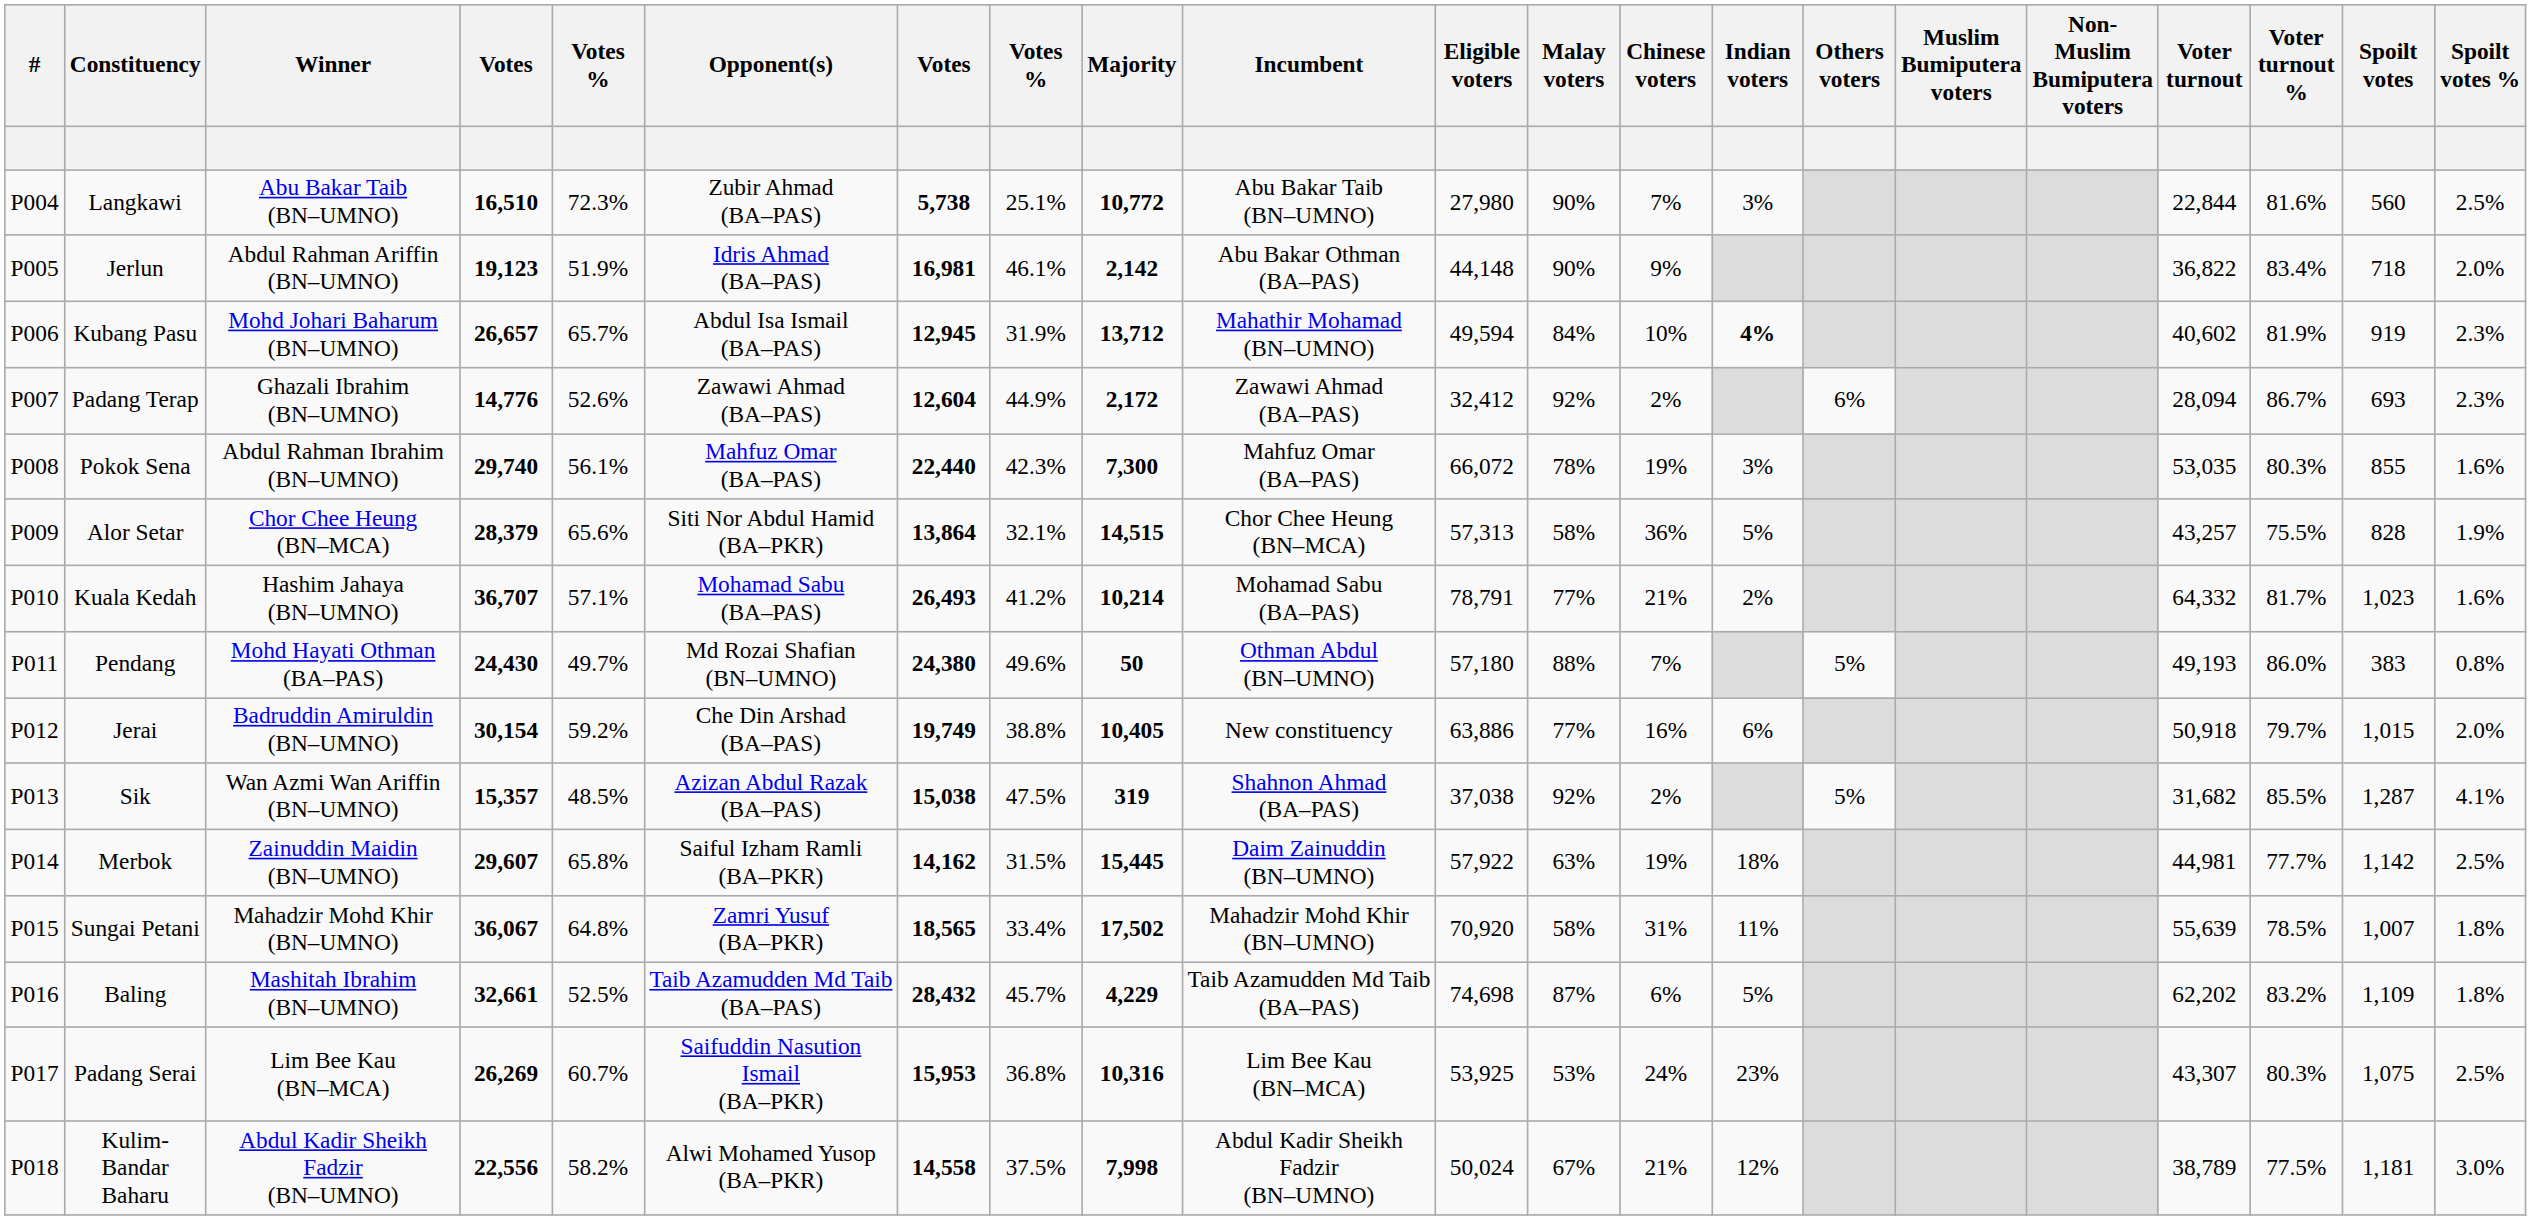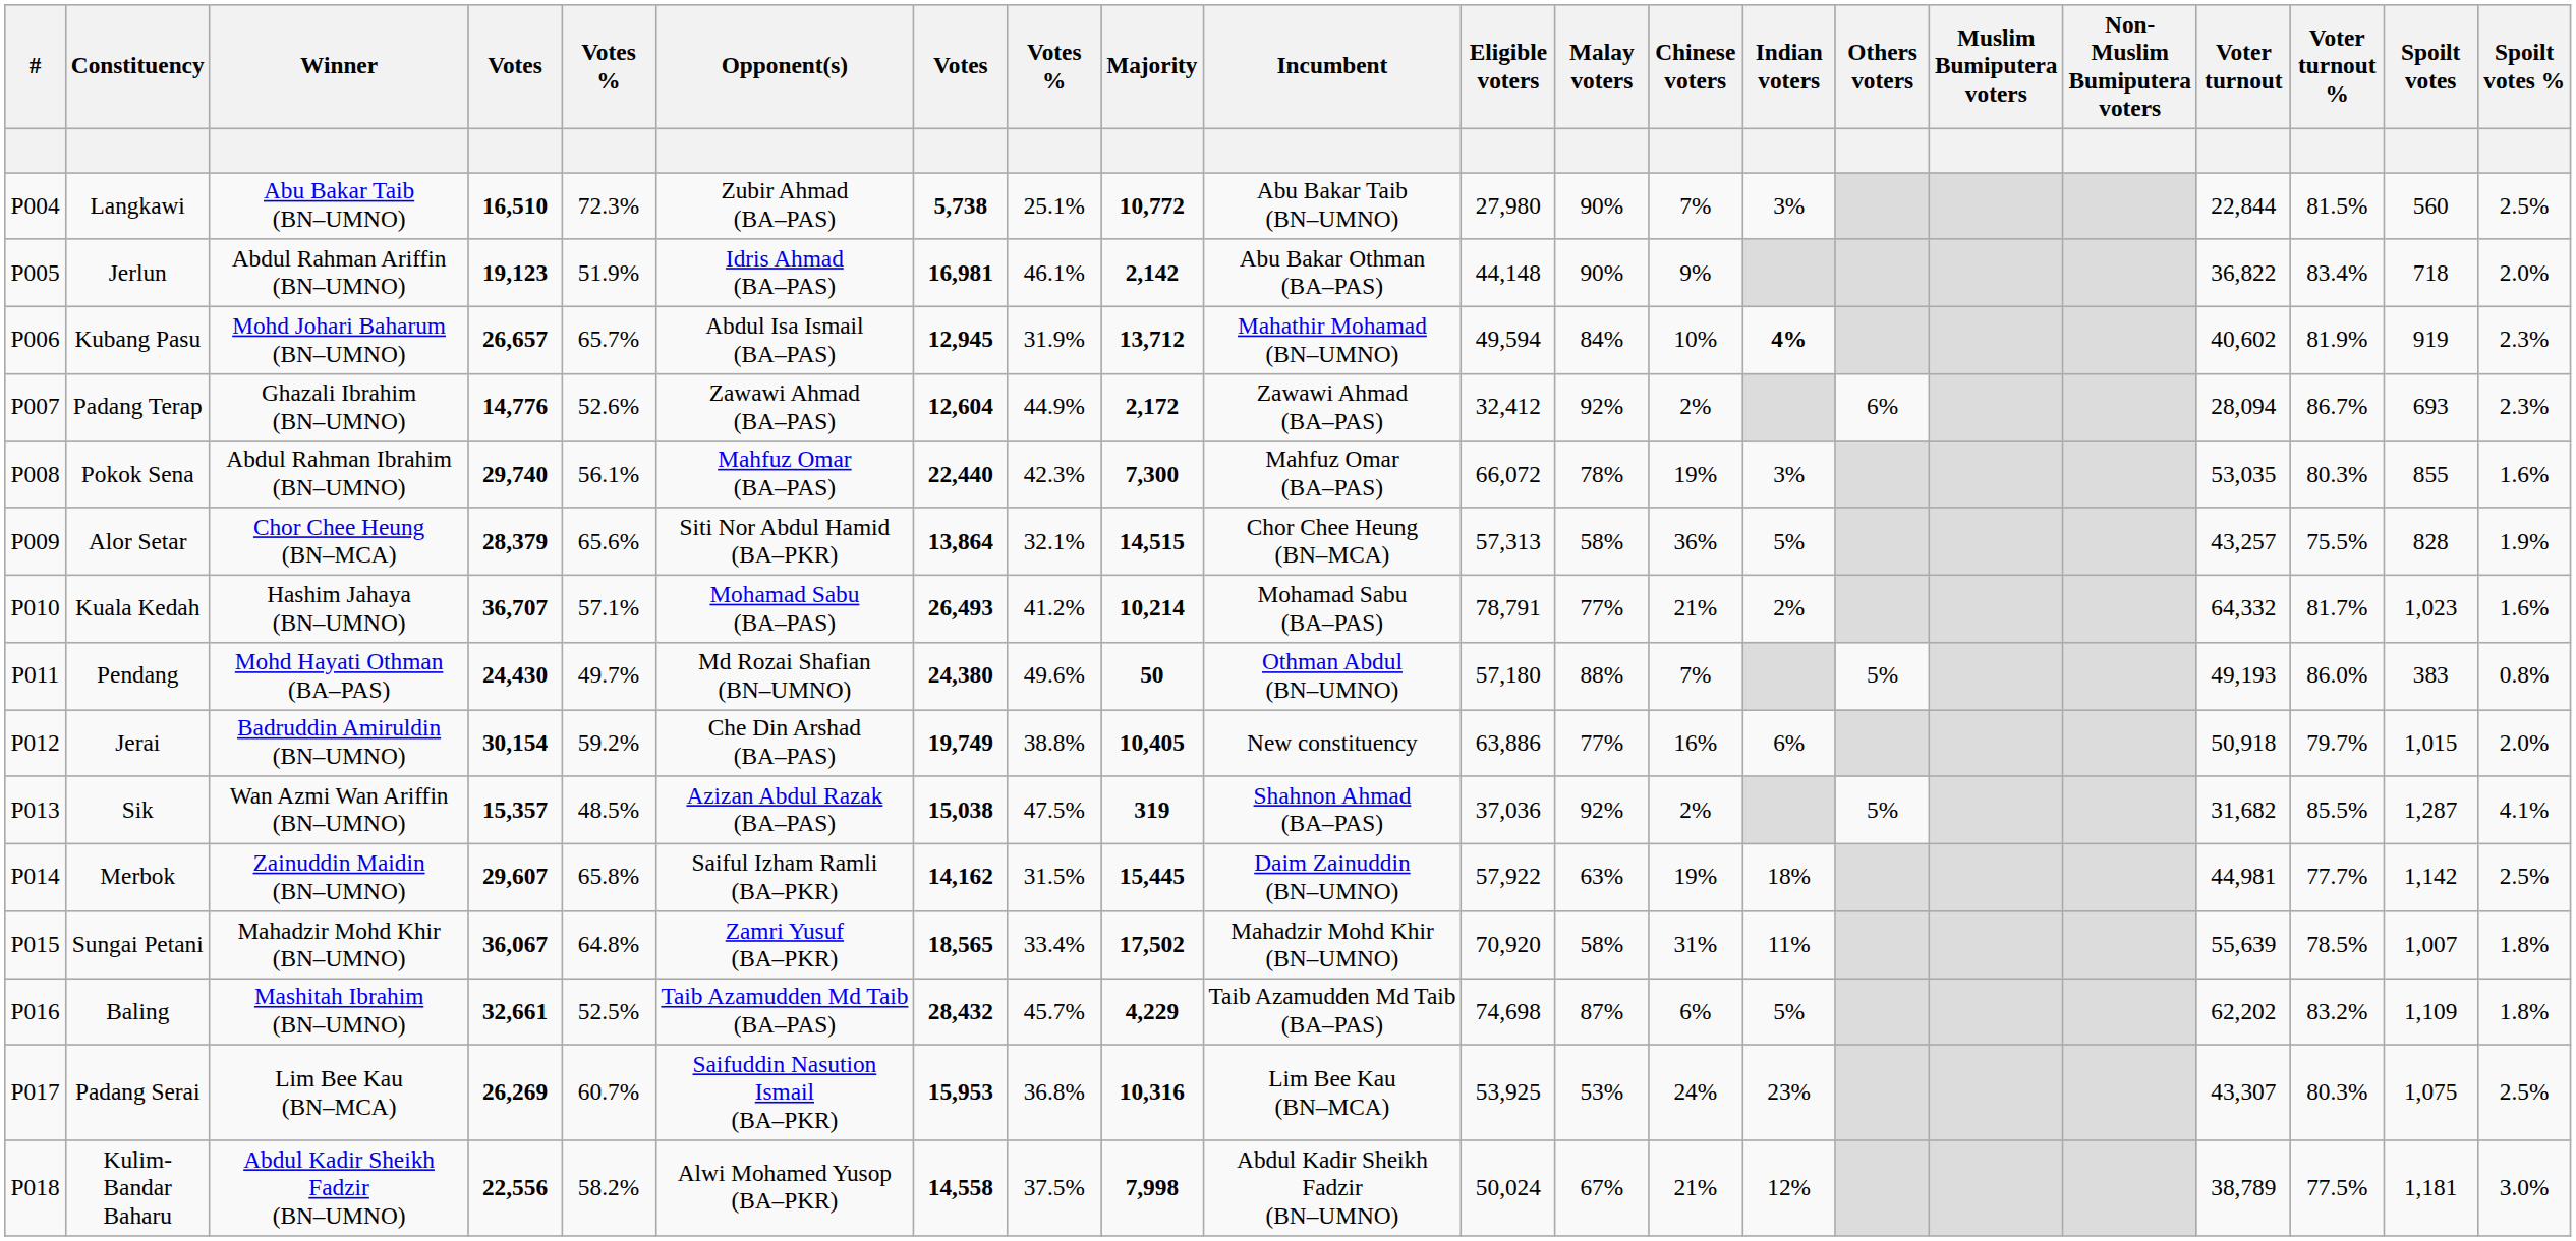 <table class="wikitable sortable" style="text-align:center; font-size:90%">
 <tr>
 <th width="30">#</th>
 <th width="60">Constituency</th>
 <th width="150">Winner</th>
 <th width="50">Votes</th>
 <th width="50">Votes %</th>
 <th width="150">Opponent(s)</th>
 <th width="50">Votes</th>
 <th width="50">Votes %</th>
 <th width="50">Majority</th>
 <th width="150">Incumbent</th>
 <th width="50">Eligible voters</th>
 <th width="50">Malay voters</th>
 <th width="50">Chinese voters</th>
 <th width="50">Indian voters</th>
 <th width="50">Others voters</th>
 <th width="50">Muslim Bumiputera voters</th>
 <th width="50">Non-Muslim Bumiputera voters</th>
 <th width="50">Voter turnout</th>
 <th width="50">Voter turnout %</th>
 <th width="50">Spoilt votes</th>
 <th width="50">Spoilt votes %</th>
 </tr>
 <tr>
 <th height="20"></th>
 <th></th>
 <th></th>
 <th></th>
 <th></th>
 <th></th>
 <th></th>
 <th></th>
 <th></th>
 <th></th>
 <th></th>
 <th></th>
 <th></th>
 <th></th>
 <th></th>
 <th></th>
 <th></th>
 <th></th>
 <th></th>
 <th></th>
 <th></th>
 </tr>
 <tr>
 <td>P004</td>
 <td>Langkawi</td>
 <td><a href='#'>Abu Bakar Taib</a><br>(BN–UMNO)</td>
 <td><strong>16,510</strong></td>
 <td>72.3%</td>
 <td>Zubir Ahmad<br>(BA–PAS)</td>
 <td><strong>5,738</strong></td>
 <td>25.1%</td>
 <td><strong>10,772</strong></td>
 <td>Abu Bakar Taib<br>(BN–UMNO)</td>
 <td>27,980</td>
 <td>90%</td>
 <td>7%</td>
 <td>3%</td>
 <td bgcolor="dcdcdc"></td>
 <td bgcolor="dcdcdc"></td>
 <td bgcolor="dcdcdc"></td>
 <td>22,844</td>
-<td>81.6%</td>
+<td>81.5%</td>
 <td>560</td>
 <td>2.5%</td>
 </tr>
 <tr>
 <td>P005</td>
 <td>Jerlun</td>
 <td>Abdul Rahman Ariffin<br>(BN–UMNO)</td>
 <td><strong>19,123</strong></td>
 <td>51.9%</td>
 <td><a href='#'>Idris Ahmad</a><br>(BA–PAS)</td>
 <td><strong>16,981</strong></td>
 <td>46.1%</td>
 <td><strong>2,142</strong></td>
 <td>Abu Bakar Othman<br>(BA–PAS)</td>
 <td>44,148</td>
 <td>90%</td>
 <td>9%</td>
 <td bgcolor="dcdcdc"></td>
 <td bgcolor="dcdcdc"></td>
 <td bgcolor="dcdcdc"></td>
 <td bgcolor="dcdcdc"></td>
 <td>36,822</td>
 <td>83.4%</td>
 <td>718</td>
 <td>2.0%</td>
 </tr>
 <tr>
 <td>P006</td>
 <td>Kubang Pasu</td>
 <td><a href='#'>Mohd Johari Baharum</a><br>(BN–UMNO)</td>
 <td><strong>26,657</strong></td>
 <td>65.7%</td>
 <td>Abdul Isa Ismail<br>(BA–PAS)</td>
 <td><strong>12,945</strong></td>
 <td>31.9%</td>
 <td><strong>13,712</strong></td>
 <td><a href='#'>Mahathir Mohamad</a><br>(BN–UMNO)</td>
 <td>49,594</td>
 <td>84%</td>
 <td>10%</td>
 <td><strong>4%</strong></td>
 <td bgcolor="dcdcdc"></td>
 <td bgcolor="dcdcdc"></td>
 <td bgcolor="dcdcdc"></td>
 <td>40,602</td>
 <td>81.9%</td>
 <td>919</td>
 <td>2.3%</td>
 </tr>
 <tr>
 <td>P007</td>
 <td>Padang Terap</td>
 <td>Ghazali Ibrahim<br>(BN–UMNO)</td>
 <td><strong>14,776</strong></td>
 <td>52.6%</td>
 <td>Zawawi Ahmad<br>(BA–PAS)</td>
 <td><strong>12,604</strong></td>
 <td>44.9%</td>
 <td><strong>2,172</strong></td>
 <td>Zawawi Ahmad<br>(BA–PAS)</td>
 <td>32,412</td>
 <td>92%</td>
 <td>2%</td>
 <td bgcolor="dcdcdc"></td>
 <td>6%</td>
 <td bgcolor="dcdcdc"></td>
 <td bgcolor="dcdcdc"></td>
 <td>28,094</td>
 <td>86.7%</td>
 <td>693</td>
 <td>2.3%</td>
 </tr>
 <tr>
 <td>P008</td>
 <td>Pokok Sena</td>
 <td>Abdul Rahman Ibrahim<br>(BN–UMNO)</td>
 <td><strong>29,740</strong></td>
 <td>56.1%</td>
 <td><a href='#'>Mahfuz Omar</a><br>(BA–PAS)</td>
 <td><strong>22,440</strong></td>
 <td>42.3%</td>
 <td><strong>7,300</strong></td>
 <td>Mahfuz Omar<br>(BA–PAS)</td>
 <td>66,072</td>
 <td>78%</td>
 <td>19%</td>
 <td>3%</td>
 <td bgcolor="dcdcdc"></td>
 <td bgcolor="dcdcdc"></td>
 <td bgcolor="dcdcdc"></td>
 <td>53,035</td>
 <td>80.3%</td>
 <td>855</td>
 <td>1.6%</td>
 </tr>
 <tr>
 <td>P009</td>
 <td>Alor Setar</td>
 <td><a href='#'>Chor Chee Heung</a><br>(BN–MCA)</td>
 <td><strong>28,379</strong></td>
 <td>65.6%</td>
 <td>Siti Nor Abdul Hamid<br>(BA–PKR)</td>
 <td><strong>13,864</strong></td>
 <td>32.1%</td>
 <td><strong>14,515</strong></td>
 <td>Chor Chee Heung<br>(BN–MCA)</td>
 <td>57,313</td>
 <td>58%</td>
 <td>36%</td>
 <td>5%</td>
 <td bgcolor="dcdcdc"></td>
 <td bgcolor="dcdcdc"></td>
 <td bgcolor="dcdcdc"></td>
 <td>43,257</td>
 <td>75.5%</td>
 <td>828</td>
 <td>1.9%</td>
 </tr>
 <tr>
 <td>P010</td>
 <td>Kuala Kedah</td>
 <td>Hashim Jahaya<br>(BN–UMNO)</td>
 <td><strong>36,707</strong></td>
 <td>57.1%</td>
 <td><a href='#'>Mohamad Sabu</a><br>(BA–PAS)</td>
 <td><strong>26,493</strong></td>
 <td>41.2%</td>
 <td><strong>10,214</strong></td>
 <td>Mohamad Sabu<br>(BA–PAS)</td>
 <td>78,791</td>
 <td>77%</td>
 <td>21%</td>
 <td>2%</td>
 <td bgcolor="dcdcdc"></td>
 <td bgcolor="dcdcdc"></td>
 <td bgcolor="dcdcdc"></td>
 <td>64,332</td>
 <td>81.7%</td>
 <td>1,023</td>
 <td>1.6%</td>
 </tr>
 <tr>
 <td>P011</td>
 <td>Pendang</td>
 <td><a href='#'>Mohd Hayati Othman</a><br>(BA–PAS)</td>
 <td><strong>24,430</strong></td>
 <td>49.7%</td>
 <td>Md Rozai Shafian<br>(BN–UMNO)</td>
 <td><strong>24,380</strong></td>
 <td>49.6%</td>
 <td><strong>50</strong></td>
 <td><a href='#'>Othman Abdul</a><br>(BN–UMNO)</td>
 <td>57,180</td>
 <td>88%</td>
 <td>7%</td>
 <td bgcolor="dcdcdc"></td>
 <td>5%</td>
 <td bgcolor="dcdcdc"></td>
 <td bgcolor="dcdcdc"></td>
 <td>49,193</td>
 <td>86.0%</td>
 <td>383</td>
 <td>0.8%</td>
 </tr>
 <tr>
 <td>P012</td>
 <td>Jerai</td>
 <td><a href='#'>Badruddin Amiruldin</a><br>(BN–UMNO)</td>
 <td><strong>30,154</strong></td>
 <td>59.2%</td>
 <td>Che Din Arshad<br>(BA–PAS)</td>
 <td><strong>19,749</strong></td>
 <td>38.8%</td>
 <td><strong>10,405</strong></td>
 <td>New constituency</td>
 <td>63,886</td>
 <td>77%</td>
 <td>16%</td>
 <td>6%</td>
 <td bgcolor="dcdcdc"></td>
 <td bgcolor="dcdcdc"></td>
 <td bgcolor="dcdcdc"></td>
 <td>50,918</td>
 <td>79.7%</td>
 <td>1,015</td>
 <td>2.0%</td>
 </tr>
 <tr>
 <td>P013</td>
 <td>Sik</td>
 <td>Wan Azmi Wan Ariffin<br>(BN–UMNO)</td>
 <td><strong>15,357</strong></td>
 <td>48.5%</td>
 <td><a href='#'>Azizan Abdul Razak</a><br>(BA–PAS)</td>
 <td><strong>15,038</strong></td>
 <td>47.5%</td>
 <td><strong>319</strong></td>
 <td><a href='#'>Shahnon Ahmad</a><br>(BA–PAS)</td>
-<td>37,038</td>
+<td>37,036</td>
 <td>92%</td>
 <td>2%</td>
 <td bgcolor="dcdcdc"></td>
 <td>5%</td>
 <td bgcolor="dcdcdc"></td>
 <td bgcolor="dcdcdc"></td>
 <td>31,682</td>
 <td>85.5%</td>
 <td>1,287</td>
 <td>4.1%</td>
 </tr>
 <tr>
 <td>P014</td>
 <td>Merbok</td>
 <td><a href='#'>Zainuddin Maidin</a><br>(BN–UMNO)</td>
 <td><strong>29,607</strong></td>
 <td>65.8%</td>
 <td>Saiful Izham Ramli<br>(BA–PKR)</td>
 <td><strong>14,162</strong></td>
 <td>31.5%</td>
 <td><strong>15,445</strong></td>
 <td><a href='#'>Daim Zainuddin</a><br>(BN–UMNO)</td>
 <td>57,922</td>
 <td>63%</td>
 <td>19%</td>
 <td>18%</td>
 <td bgcolor="dcdcdc"></td>
 <td bgcolor="dcdcdc"></td>
 <td bgcolor="dcdcdc"></td>
 <td>44,981</td>
 <td>77.7%</td>
 <td>1,142</td>
 <td>2.5%</td>
 </tr>
 <tr>
 <td>P015</td>
 <td>Sungai Petani</td>
 <td>Mahadzir Mohd Khir<br>(BN–UMNO)</td>
 <td><strong>36,067</strong></td>
 <td>64.8%</td>
 <td><a href='#'>Zamri Yusuf</a><br>(BA–PKR)</td>
 <td><strong>18,565</strong></td>
 <td>33.4%</td>
 <td><strong>17,502</strong></td>
 <td>Mahadzir Mohd Khir<br>(BN–UMNO)</td>
 <td>70,920</td>
 <td>58%</td>
 <td>31%</td>
 <td>11%</td>
 <td bgcolor="dcdcdc"></td>
 <td bgcolor="dcdcdc"></td>
 <td bgcolor="dcdcdc"></td>
 <td>55,639</td>
 <td>78.5%</td>
 <td>1,007</td>
 <td>1.8%</td>
 </tr>
 <tr>
 <td>P016</td>
 <td>Baling</td>
 <td><a href='#'>Mashitah Ibrahim</a><br>(BN–UMNO)</td>
 <td><strong>32,661</strong></td>
 <td>52.5%</td>
 <td><a href='#'>Taib Azamudden Md Taib</a><br>(BA–PAS)</td>
 <td><strong>28,432</strong></td>
 <td>45.7%</td>
 <td><strong>4,229</strong></td>
 <td>Taib Azamudden Md Taib<br>(BA–PAS)</td>
 <td>74,698</td>
 <td>87%</td>
 <td>6%</td>
 <td>5%</td>
 <td bgcolor="dcdcdc"></td>
 <td bgcolor="dcdcdc"></td>
 <td bgcolor="dcdcdc"></td>
 <td>62,202</td>
 <td>83.2%</td>
 <td>1,109</td>
 <td>1.8%</td>
 </tr>
 <tr>
 <td>P017</td>
 <td>Padang Serai</td>
 <td>Lim Bee Kau<br>(BN–MCA)</td>
 <td><strong>26,269</strong></td>
 <td>60.7%</td>
 <td><a href='#'>Saifuddin Nasution Ismail</a><br>(BA–PKR)</td>
 <td><strong>15,953</strong></td>
 <td>36.8%</td>
 <td><strong>10,316</strong></td>
 <td>Lim Bee Kau<br>(BN–MCA)</td>
 <td>53,925</td>
 <td>53%</td>
 <td>24%</td>
 <td>23%</td>
 <td bgcolor="dcdcdc"></td>
 <td bgcolor="dcdcdc"></td>
 <td bgcolor="dcdcdc"></td>
 <td>43,307</td>
 <td>80.3%</td>
 <td>1,075</td>
 <td>2.5%</td>
 </tr>
 <tr>
 <td>P018</td>
 <td>Kulim-Bandar Baharu</td>
 <td><a href='#'>Abdul Kadir Sheikh Fadzir</a><br>(BN–UMNO)</td>
 <td><strong>22,556</strong></td>
 <td>58.2%</td>
 <td>Alwi Mohamed Yusop<br>(BA–PKR)</td>
 <td><strong>14,558</strong></td>
 <td>37.5%</td>
 <td><strong>7,998</strong></td>
 <td>Abdul Kadir Sheikh Fadzir<br>(BN–UMNO)</td>
 <td>50,024</td>
 <td>67%</td>
 <td>21%</td>
 <td>12%</td>
 <td bgcolor="dcdcdc"></td>
 <td bgcolor="dcdcdc"></td>
 <td bgcolor="dcdcdc"></td>
 <td>38,789</td>
 <td>77.5%</td>
 <td>1,181</td>
 <td>3.0%</td>
 </tr>
 </table>
